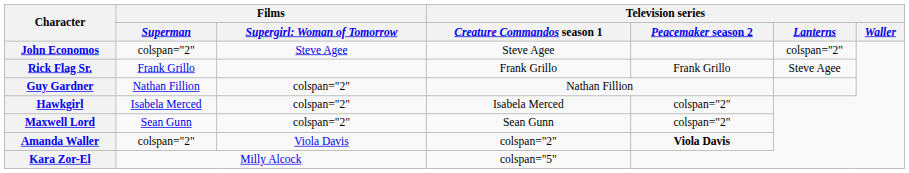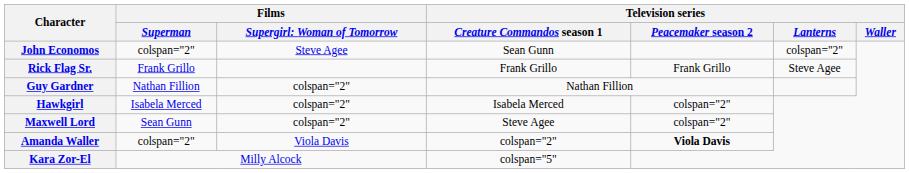 <table class="wikitable" style="text-align: center; width: 99%;">
 <tr>
 <th scope="col" rowspan="2">Character</th>
 <th colspan="2">Films</th>
 <th colspan="4">Television series</th>
 </tr>
 <tr>
 <th><em><a href='#'>Superman</a></em></th>
 <th><em><a href='#'>Supergirl: Woman of Tomorrow</a></em></th>
 <th><em><a href='#'>Creature Commandos</a></em> season 1</th>
 <th><a href='#'><em>Peacemaker</em> season 2</a></th>
 <th><em><a href='#'>Lanterns</a></em></th>
 <th><em><a href='#'>Waller</a></em></th>
 </tr>
 <tr>
 <th scope="row"><a href='#'>John Economos</a></th>
 <td>colspan="2" </td>
 <td><a href='#'>Steve Agee</a></td>
-<td>Steve Agee</td>
+<td>Sean Gunn</td>
 <td></td>
 <td>colspan="2" </td>
 </tr>
 <tr>
 <th scope="row"><a href='#'>Rick Flag Sr.</a></th>
 <td><a href='#'>Frank Grillo</a></td>
 <td></td>
 <td>Frank Grillo</td>
 <td>Frank Grillo</td>
 <td>Steve Agee</td>
 </tr>
 <tr>
 <th scope="row"><a href='#'>Guy Gardner<br></a></th>
 <td><a href='#'>Nathan Fillion</a></td>
 <td>colspan="2" </td>
 <td colspan="2">Nathan Fillion</td>
 <td></td>
 </tr>
 <tr>
 <th scope="row"><a href='#'>Hawkgirl</a></th>
 <td><a href='#'>Isabela Merced</a></td>
 <td>colspan="2" </td>
 <td>Isabela Merced</td>
 <td>colspan="2" </td>
 </tr>
 <tr>
 <th scope="row"><a href='#'>Maxwell Lord</a></th>
 <td><a href='#'>Sean Gunn</a></td>
 <td>colspan="2" </td>
-<td>Sean Gunn</td>
+<td>Steve Agee</td>
 <td>colspan="2" </td>
 </tr>
 <tr>
 <th scope="row"><a href='#'>Amanda Waller</a></th>
 <td>colspan="2" </td>
 <td><a href='#'>Viola Davis</a></td>
 <td>colspan="2" </td>
 <td><strong>Viola Davis</strong></td>
 </tr>
 <tr>
 <th scope="row"><a href='#'>Kara Zor-El<br></a></th>
 <td colspan="2"><a href='#'>Milly Alcock</a></td>
 <td>colspan="5" </td>
 </tr>
 </table>
